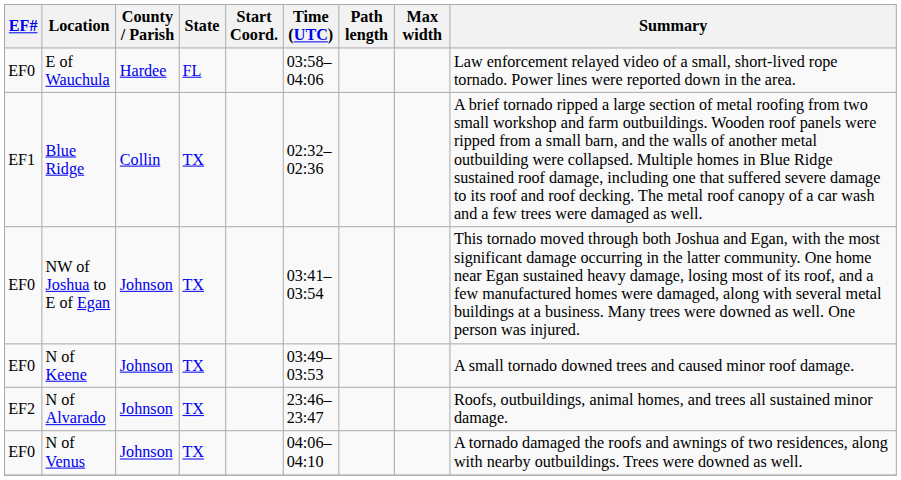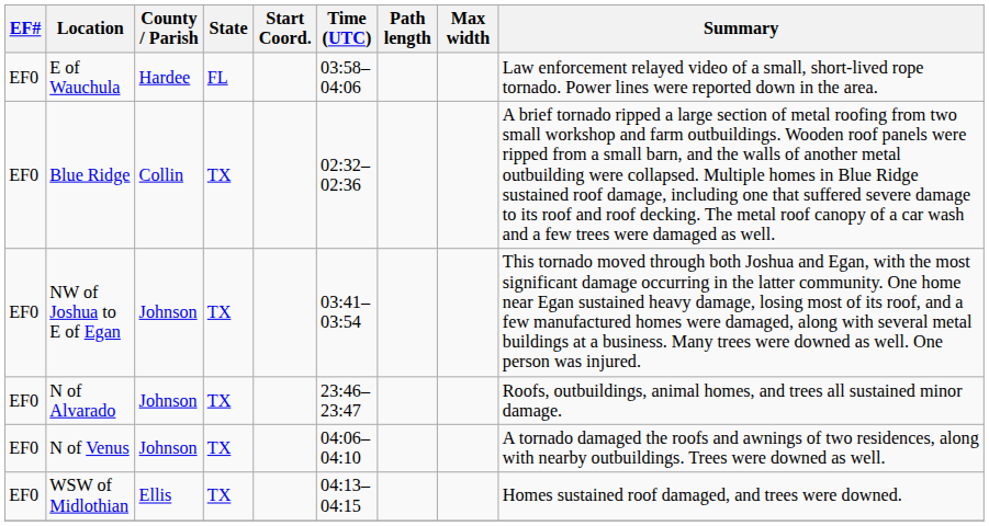 <table class="wikitable sortable" style="width:100%;">
 <tr>
 <th scope="col"  style="width:3%; text-align:center;"><a href='#'>EF#</a></th>
 <th scope="col"  style="width:7%; text-align:center;" class="unsortable">Location</th>
 <th scope="col"  style="width:6%; text-align:center;" class="unsortable">County / Parish</th>
 <th scope="col"  style="width:5%; text-align:center;">State</th>
 <th scope="col"  style="width:6%; text-align:center;">Start Coord.</th>
 <th scope="col"  style="width:6%; text-align:center;">Time (<a href='#'>UTC</a>)</th>
 <th scope="col"  style="width:6%; text-align:center;">Path length</th>
 <th scope="col"  style="width:6%; text-align:center;">Max width</th>
 <th scope="col" class="unsortable" style="width:48%; text-align:center;">Summary</th>
 </tr>
 <tr>
 <td>EF0</td>
 <td>E of <a href='#'>Wauchula</a></td>
 <td><a href='#'>Hardee</a></td>
 <td><a href='#'>FL</a></td>
 <td></td>
 <td>03:58–04:06</td>
 <td></td>
 <td></td>
 <td>Law enforcement relayed video of a small, short-lived rope tornado. Power lines were reported down in the area.</td>
 </tr>
 <tr>
-<td>EF1</td>
+<td>EF0</td>
 <td><a href='#'>Blue Ridge</a></td>
 <td><a href='#'>Collin</a></td>
 <td><a href='#'>TX</a></td>
 <td></td>
 <td>02:32–02:36</td>
 <td></td>
 <td></td>
 <td>A brief tornado ripped a large section of metal roofing from two small workshop and farm outbuildings. Wooden roof panels were ripped from a small barn, and the walls of another metal outbuilding were collapsed. Multiple homes in Blue Ridge sustained roof damage, including one that suffered severe damage to its roof and roof decking. The metal roof canopy of a car wash and a few trees were damaged as well.</td>
 </tr>
 <tr>
 <td>EF0</td>
 <td>NW of <a href='#'>Joshua</a> to E of <a href='#'>Egan</a></td>
 <td><a href='#'>Johnson</a></td>
 <td><a href='#'>TX</a></td>
 <td></td>
 <td>03:41–03:54</td>
 <td></td>
 <td></td>
 <td>This tornado moved through both Joshua and Egan, with the most significant damage occurring in the latter community. One home near Egan sustained heavy damage, losing most of its roof, and a few manufactured homes were damaged, along with several metal buildings at a business. Many trees were downed as well. One person was injured.</td>
 </tr>
 <tr>
 <td>EF0</td>
-<td>N of <a href='#'>Keene</a></td>
-<td><a href='#'>Johnson</a></td>
-<td><a href='#'>TX</a></td>
-<td></td>
-<td>03:49–03:53</td>
-<td></td>
-<td></td>
-<td>A small tornado downed trees and caused minor roof damage.</td>
-</tr>
-<tr>
-<td>EF2</td>
 <td>N of <a href='#'>Alvarado</a></td>
 <td><a href='#'>Johnson</a></td>
 <td><a href='#'>TX</a></td>
 <td></td>
 <td>23:46–23:47</td>
 <td></td>
 <td></td>
 <td>Roofs, outbuildings, animal homes, and trees all sustained minor damage.</td>
 </tr>
 <tr>
 <td>EF0</td>
 <td>N of <a href='#'>Venus</a></td>
 <td><a href='#'>Johnson</a></td>
 <td><a href='#'>TX</a></td>
 <td></td>
 <td>04:06–04:10</td>
 <td></td>
 <td></td>
 <td>A tornado damaged the roofs and awnings of two residences, along with nearby outbuildings. Trees were downed as well.</td>
 </tr>
 <tr>
+<td>EF0</td>
+<td>WSW of <a href='#'>Midlothian</a></td>
+<td><a href='#'>Ellis</a></td>
+<td><a href='#'>TX</a></td>
+<td></td>
+<td>04:13–04:15</td>
+<td></td>
+<td></td>
+<td>Homes sustained roof damaged, and trees were downed.</td>
+</tr>
+<tr>
 </tr>
 </table>
